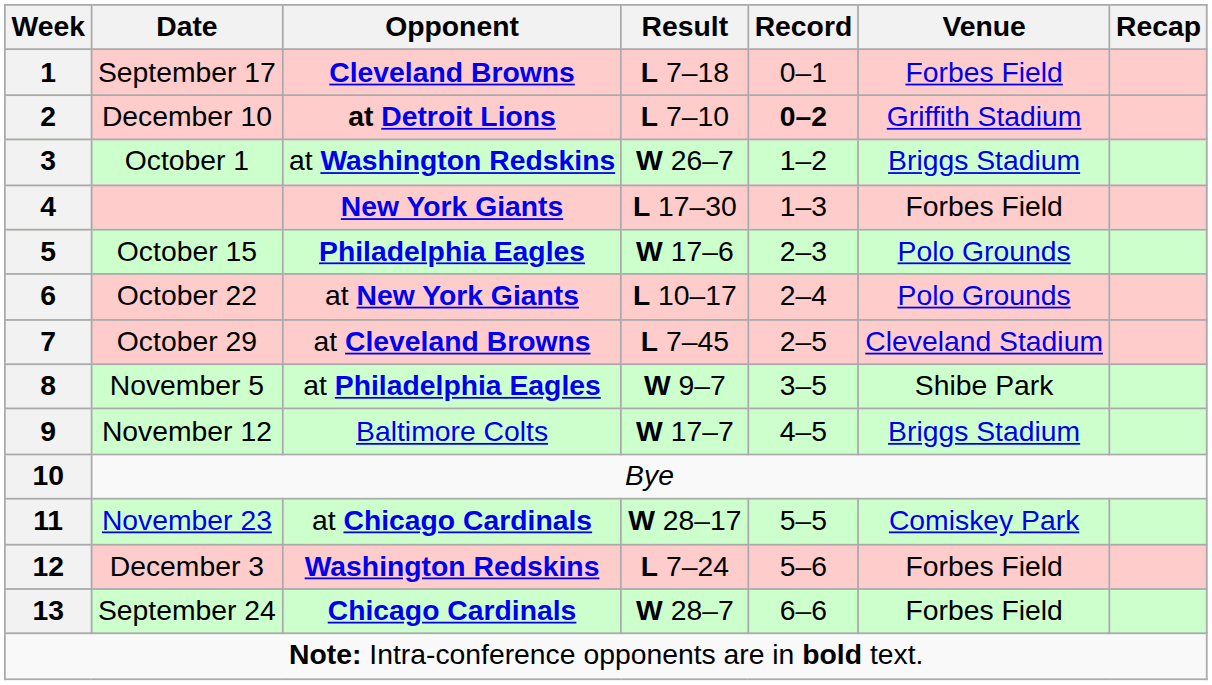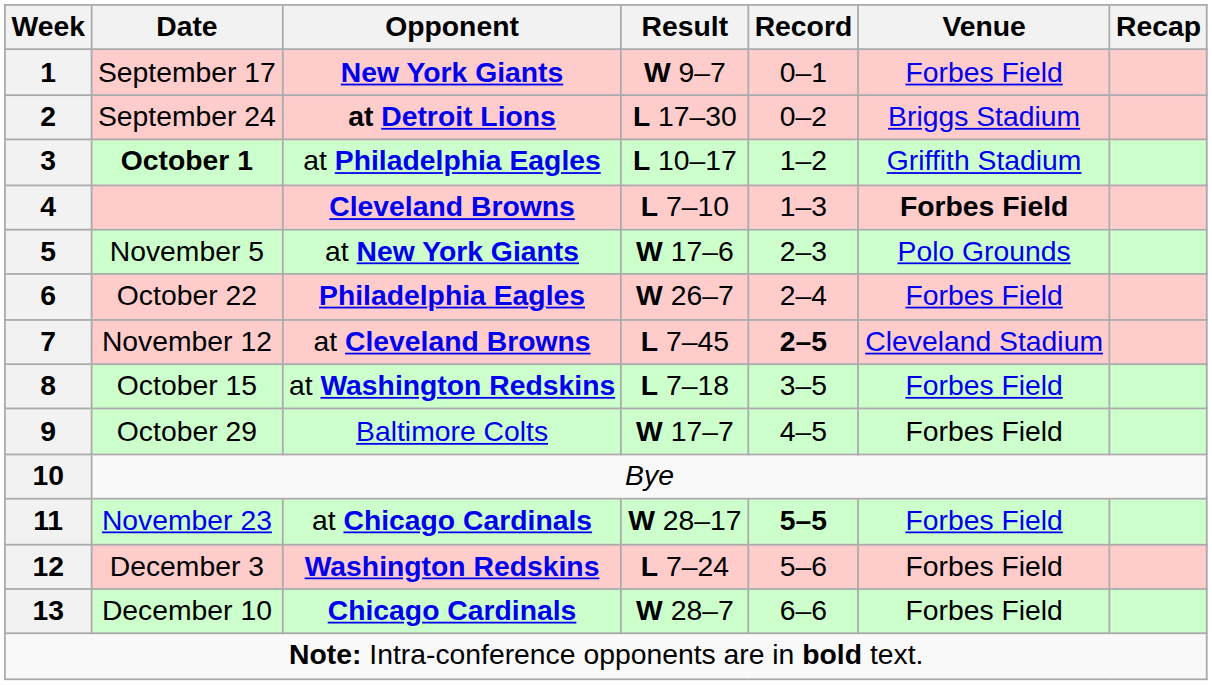 <table class="wikitable" style="text-align:center">
 <tr>
 <th>Week</th>
 <th>Date</th>
 <th>Opponent</th>
 <th>Result</th>
 <th>Record</th>
 <th>Venue</th>
 <th>Recap</th>
 </tr>
 <tr style="background:#fcc">
 <th>1</th>
 <td>September 17</td>
-<td><strong><a href='#'>Cleveland Browns</a></strong></td>
-<td><strong>L</strong> 7–18</td>
+<td><strong><a href='#'>New York Giants</a></strong></td>
+<td><strong>W</strong> 9–7</td>
 <td>0–1</td>
 <td><a href='#'>Forbes Field</a></td>
 <td></td>
 </tr>
 <tr style="background:#fcc">
 <th>2</th>
-<td>December 10</td>
+<td>September 24</td>
 <td><strong>at <a href='#'>Detroit Lions</a></strong></td>
-<td><strong>L</strong> 7–10</td>
-<td><strong>0–2</strong></td>
-<td><a href='#'>Griffith Stadium</a></td>
+<td><strong>L</strong> 17–30</td>
+<td>0–2</td>
+<td><a href='#'>Briggs Stadium</a></td>
 <td></td>
 </tr>
 <tr style="background:#cfc">
 <th>3</th>
-<td>October 1</td>
-<td>at <strong><a href='#'>Washington Redskins</a></strong></td>
-<td><strong>W</strong> 26–7</td>
+<td><strong>October 1</strong></td>
+<td>at <strong><a href='#'>Philadelphia Eagles</a></strong></td>
+<td><strong>L</strong> 10–17</td>
 <td>1–2</td>
-<td><a href='#'>Briggs Stadium</a></td>
+<td><a href='#'>Griffith Stadium</a></td>
 <td></td>
 </tr>
 <tr style="background:#fcc">
 <th>4</th>
 <td></td>
-<td><strong><a href='#'>New York Giants</a></strong></td>
-<td><strong>L</strong> 17–30</td>
+<td><strong><a href='#'>Cleveland Browns</a></strong></td>
+<td><strong>L</strong> 7–10</td>
 <td>1–3</td>
-<td>Forbes Field</td>
+<td><strong>Forbes Field</strong></td>
 <td></td>
 </tr>
 <tr style="background:#cfc">
 <th>5</th>
-<td>October 15</td>
-<td><strong><a href='#'>Philadelphia Eagles</a></strong></td>
+<td>November 5</td>
+<td>at <strong><a href='#'>New York Giants</a></strong></td>
 <td><strong>W</strong> 17–6</td>
 <td>2–3</td>
 <td><a href='#'>Polo Grounds</a></td>
 <td></td>
 </tr>
 <tr style="background:#fcc">
 <th>6</th>
 <td>October 22</td>
-<td>at <strong><a href='#'>New York Giants</a></strong></td>
-<td><strong>L</strong> 10–17</td>
+<td><strong><a href='#'>Philadelphia Eagles</a></strong></td>
+<td><strong>W</strong> 26–7</td>
 <td>2–4</td>
-<td><a href='#'>Polo Grounds</a></td>
+<td><a href='#'>Forbes Field</a></td>
 <td></td>
 </tr>
 <tr style="background:#fcc">
 <th>7</th>
-<td>October 29</td>
+<td>November 12</td>
 <td>at <strong><a href='#'>Cleveland Browns</a></strong></td>
 <td><strong>L</strong> 7–45</td>
-<td>2–5</td>
+<td><strong>2–5</strong></td>
 <td><a href='#'>Cleveland Stadium</a></td>
 <td></td>
 </tr>
 <tr style="background:#cfc">
 <th>8</th>
-<td>November 5</td>
-<td>at <strong><a href='#'>Philadelphia Eagles</a></strong></td>
-<td><strong>W</strong> 9–7</td>
+<td>October 15</td>
+<td>at <strong><a href='#'>Washington Redskins</a></strong></td>
+<td><strong>L</strong> 7–18</td>
 <td>3–5</td>
-<td>Shibe Park</td>
+<td><a href='#'>Forbes Field</a></td>
 <td></td>
 </tr>
 <tr style="background:#cfc">
 <th>9</th>
-<td>November 12</td>
+<td>October 29</td>
 <td><a href='#'>Baltimore Colts</a></td>
 <td><strong>W</strong> 17–7</td>
 <td>4–5</td>
-<td><a href='#'>Briggs Stadium</a></td>
+<td>Forbes Field</td>
 <td></td>
 </tr>
 <tr>
 <th>10</th>
 <td colspan=6 align="center"><em>Bye</em></td>
 </tr>
 <tr style="background:#cfc">
 <th>11</th>
 <td><a href='#'>November 23</a></td>
 <td>at <strong><a href='#'>Chicago Cardinals</a></strong></td>
 <td><strong>W</strong> 28–17</td>
-<td>5–5</td>
-<td><a href='#'>Comiskey Park</a></td>
+<td><strong>5–5</strong></td>
+<td><a href='#'>Forbes Field</a></td>
 <td></td>
 </tr>
 <tr style="background:#fcc">
 <th>12</th>
 <td>December 3</td>
 <td><strong><a href='#'>Washington Redskins</a></strong></td>
 <td><strong>L</strong> 7–24</td>
 <td>5–6</td>
 <td>Forbes Field</td>
 <td></td>
 </tr>
 <tr style="background:#cfc">
 <th>13</th>
-<td>September 24</td>
+<td>December 10</td>
 <td><strong><a href='#'>Chicago Cardinals</a></strong></td>
 <td><strong>W</strong> 28–7</td>
 <td>6–6</td>
 <td>Forbes Field</td>
 <td></td>
 </tr>
 <tr>
 <td colspan="8"><strong>Note:</strong> Intra-conference opponents are in <strong>bold</strong> text.</td>
 </tr>
 </table>
